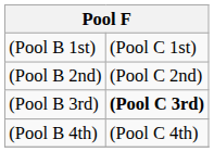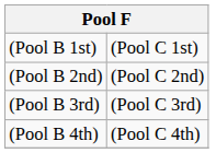 <table class="wikitable">
 <tr>
 <th colspan=2>Pool F</th>
 </tr>
 <tr>
 <td> (Pool B 1st)</td>
 <td> (Pool C 1st)</td>
 </tr>
 <tr>
 <td> (Pool B 2nd)</td>
 <td> (Pool C 2nd)</td>
 </tr>
 <tr>
 <td> (Pool B 3rd)</td>
-<td><strong> (Pool C 3rd)</strong></td>
+<td> (Pool C 3rd)</td>
 </tr>
 <tr>
 <td> (Pool B 4th)</td>
 <td> (Pool C 4th)</td>
 </tr>
 <tr>
 </tr>
 </table>
